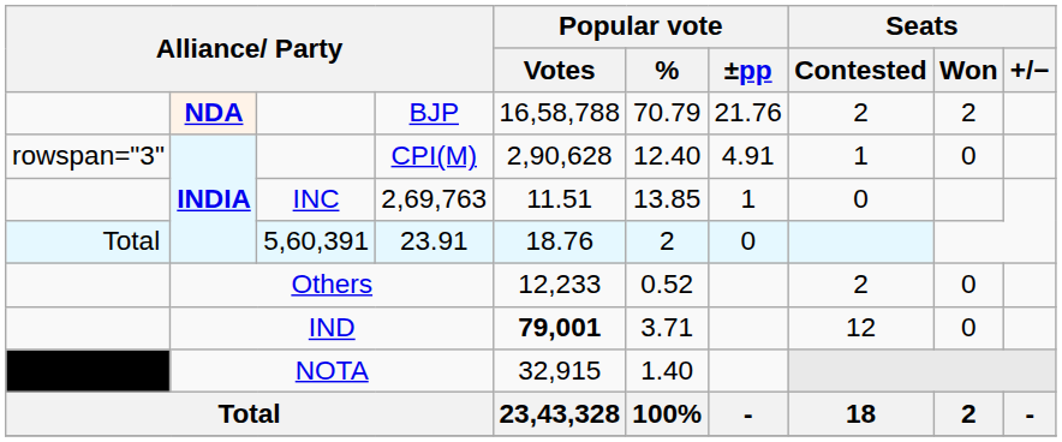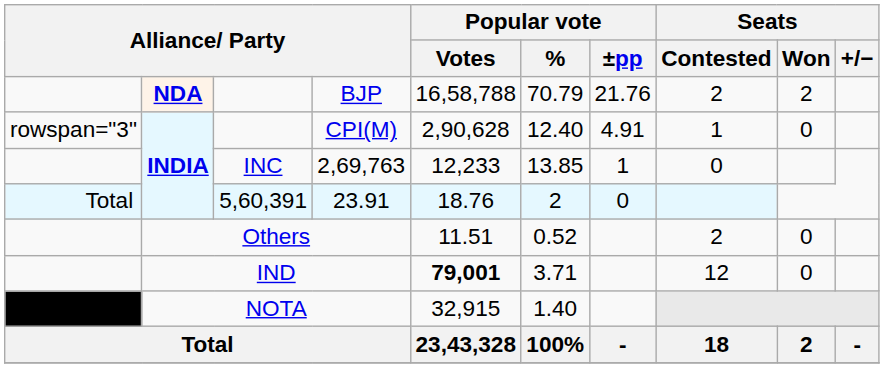 <table class="wikitable sortable" style="text-align:center;">
 <tr>
 <th colspan="4" rowspan="2">Alliance/ Party</th>
 <th colspan="3">Popular vote</th>
 <th colspan="3">Seats</th>
 </tr>
 <tr>
 <th>Votes</th>
 <th>%</th>
 <th>±<a href='#'>pp</a></th>
 <th>Contested</th>
 <th>Won</th>
 <th><strong>+/−</strong></th>
 </tr>
 <tr>
 <td></td>
 <th style="background:#fef3e8"><a href='#'>NDA</a></th>
 <td></td>
 <td><a href='#'>BJP</a></td>
 <td>16,58,788</td>
 <td>70.79</td>
 <td>21.76</td>
 <td>2</td>
 <td>2</td>
 <td></td>
 </tr>
 <tr>
 <td>rowspan="3" </td>
 <th rowspan="3"style="background:#E5F8FF"><a href='#'>INDIA</a></th>
 <td></td>
 <td><a href='#'>CPI(M)</a></td>
 <td>2,90,628</td>
 <td>12.40</td>
 <td>4.91</td>
 <td>1</td>
 <td>0</td>
 <td></td>
 </tr>
 <tr>
 <td></td>
 <td><a href='#'>INC</a></td>
 <td>2,69,763</td>
-<td>11.51</td>
+<td>12,233</td>
 <td>13.85</td>
 <td>1</td>
 <td>0</td>
 <td></td>
 </tr>
 <tr>
 <td colspan="2"style="background:#E5F8FF">Total</td>
 <td style="background:#E5F8FF">5,60,391</td>
 <td style="background:#E5F8FF">23.91</td>
 <td style="background:#E5F8FF">18.76</td>
 <td style="background:#E5F8FF">2</td>
 <td style="background:#E5F8FF">0</td>
 <td style="background:#E5F8FF"></td>
 </tr>
 <tr>
 <td></td>
 <td colspan="3"><a href='#'>Others</a></td>
-<td>12,233</td>
+<td>11.51</td>
 <td>0.52</td>
 <td></td>
 <td>2</td>
 <td>0</td>
 <td></td>
 </tr>
 <tr>
 <td></td>
 <td colspan="3"><a href='#'>IND</a></td>
 <td><strong>79,001</strong></td>
 <td>3.71</td>
 <td></td>
 <td>12</td>
 <td>0</td>
 <td></td>
 </tr>
 <tr>
 <td bgcolor="Black"></td>
 <td colspan="3"><a href='#'>NOTA</a></td>
 <td>32,915</td>
 <td>1.40</td>
 <td></td>
 <th colspan="3" style="background-color:#E9E9E9"></th>
 </tr>
 <tr>
 <th colspan="4">Total</th>
 <th>23,43,328</th>
 <th>100%</th>
 <th>-</th>
 <th>18</th>
 <th>2</th>
 <th>-</th>
 </tr>
 <tr>
 </tr>
 </table>
